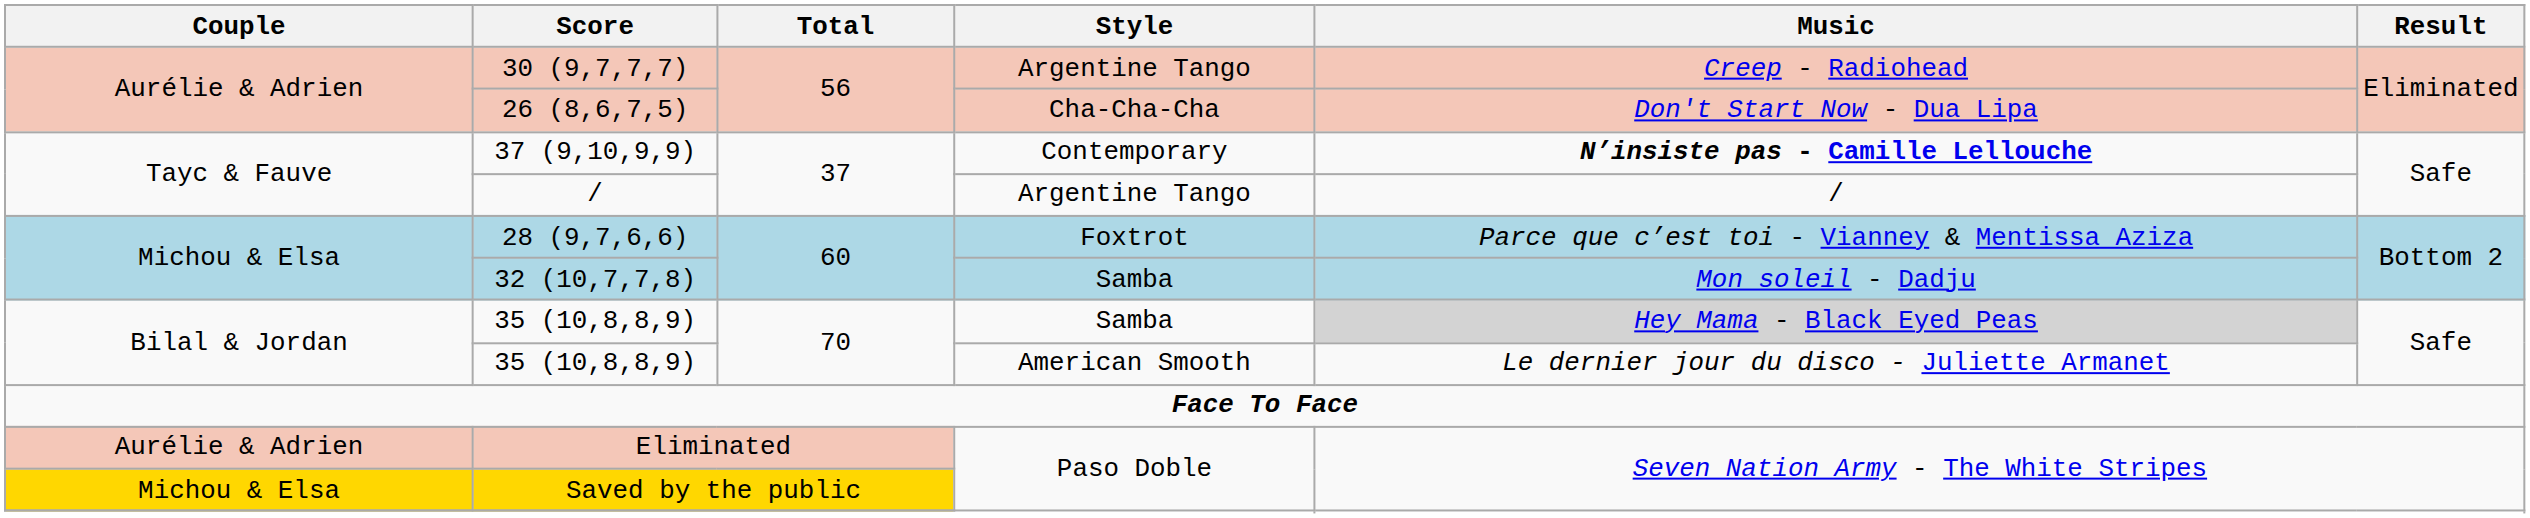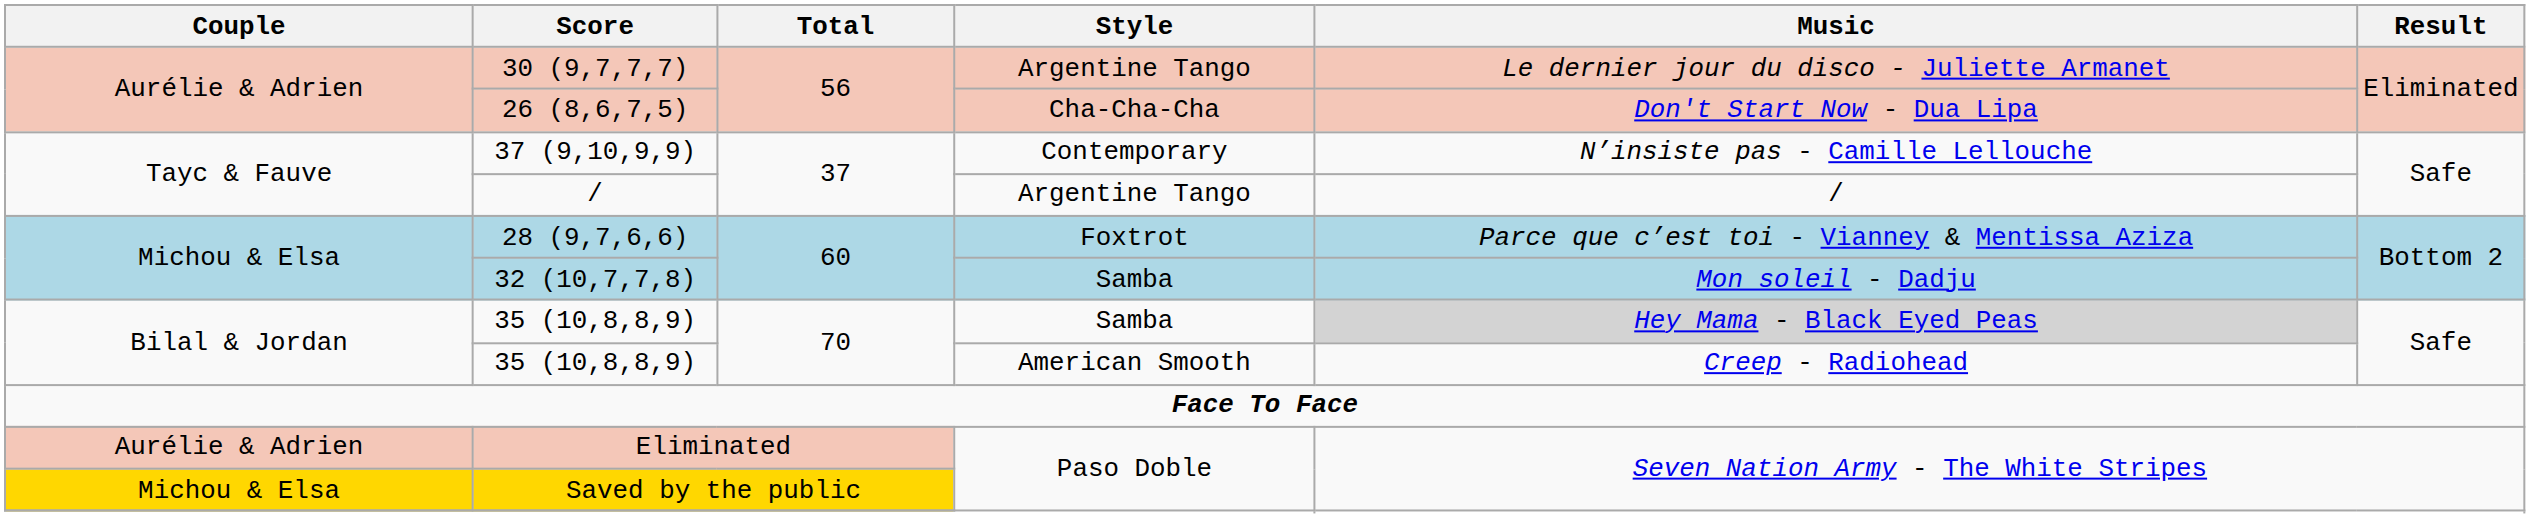 <table class="wikitable" style="width:80%; text-align:center;">
 <tr>
 <th style="width:20%;">Couple</th>
 <th style="width:10%;">Score</th>
 <th style="width:10%;">Total</th>
 <th style="width:15%;">Style</th>
 <th style="width:60%;">Music</th>
 <th style="width:60%;">Result</th>
 </tr>
 <tr style="background:#f4c7b8;">
 <td rowspan="2">Aurélie & Adrien</td>
 <td>30 (9,7,7,7)</td>
 <td rowspan="2">56</td>
 <td>Argentine Tango</td>
-<td><em><a href='#'>Creep</a></em> - <a href='#'>Radiohead</a></td>
+<td><em>Le dernier jour du disco -</em> <a href='#'>Juliette Armanet</a></td>
 <td rowspan="2">Eliminated</td>
 </tr>
 <tr style="background:#f4c7b8;">
 <td>26 (8,6,7,5)</td>
 <td>Cha-Cha-Cha</td>
 <td><em><a href='#'>Don't Start Now</a></em> - <a href='#'>Dua Lipa</a></td>
 </tr>
 <tr>
 <td rowspan="2">Tayc & Fauve</td>
 <td style="text-align:center;">37 (9,10,9,9)</td>
 <td rowspan="2">37</td>
 <td style="text-align:center;">Contemporary</td>
-<td><strong><em>N’insiste pas</em> - <a href='#'>Camille Lellouche</a></strong></td>
+<td><em>N’insiste pas</em> - <a href='#'>Camille Lellouche</a></td>
 <td rowspan="2" style="text-align:center;">Safe</td>
 </tr>
 <tr>
 <td style="text-align:center;">/</td>
 <td style="text-align:center;">Argentine Tango</td>
 <td>/</td>
 </tr>
 <tr style="background:lightblue;">
 <td rowspan="2">Michou & Elsa</td>
 <td style="text-align:center;">28 (9,7,6,6)</td>
 <td rowspan="2">60</td>
 <td style="text-align:center;">Foxtrot</td>
 <td><em>Parce que c’est toi</em> - <a href='#'>Vianney</a> & <a href='#'>Mentissa Aziza</a></td>
 <td rowspan="2">Bottom 2</td>
 </tr>
 <tr style="background:lightblue;">
 <td style="text-align:center;">32 (10,7,7,8)</td>
 <td style="text-align:center;">Samba</td>
 <td><a href='#'><em>Mon soleil</em></a> - <a href='#'>Dadju</a></td>
 </tr>
 <tr>
 <td rowspan=2>Bilal & Jordan</td>
 <td style="text-align:center;">35 (10,8,8,9)</td>
 <td rowspan="2">70</td>
 <td style="text-align:center;">Samba</td>
 <td style="background: lightgrey;"><a href='#'><em>Hey Mama</em></a> - <a href='#'>Black Eyed Peas</a></td>
 <td rowspan="2" style="text-align:center;">Safe</td>
 </tr>
 <tr>
 <td style="text-align:center;">35 (10,8,8,9)</td>
 <td style="text-align:center;">American Smooth</td>
-<td><em>Le dernier jour du disco -</em> <a href='#'>Juliette Armanet</a></td>
+<td><em><a href='#'>Creep</a></em> - <a href='#'>Radiohead</a></td>
 </tr>
 <tr>
 <td colspan=6 style="text-align:center;"><strong><em>Face To Face</em></strong></td>
 </tr>
 <tr>
 <td bgcolor="#f4c7b8">Aurélie & Adrien</td>
 <td bgcolor="#f4c7b8" colspan="2">Eliminated</td>
 <td rowspan=5>Paso Doble</td>
 <td rowspan=5 colspan=2><em><a href='#'>Seven Nation Army</a></em> - <a href='#'>The White Stripes</a></td>
 </tr>
 <tr>
 <td bgcolor="gold">Michou & Elsa</td>
 <td bgcolor="gold" colspan="2">Saved by the public</td>
 </tr>
 <tr>
 </tr>
 </table>
